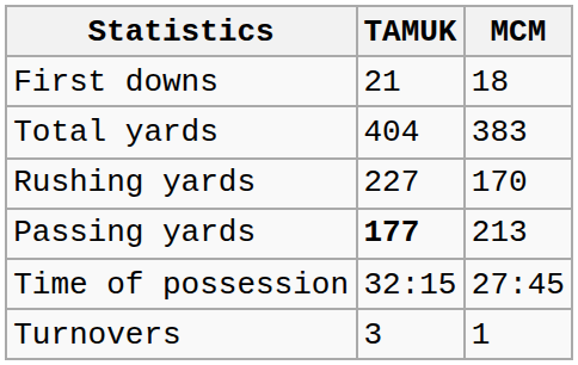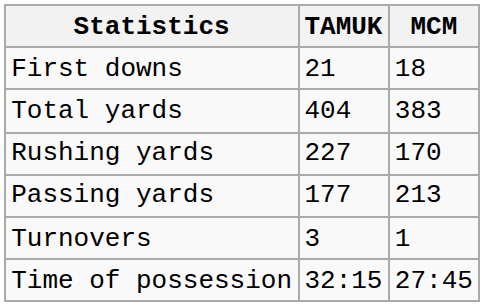 <table class="wikitable">
 <tr>
 <th>Statistics</th>
 <th>TAMUK</th>
 <th>MCM</th>
 </tr>
 <tr>
 <td>First downs</td>
 <td>21</td>
 <td>18</td>
 </tr>
 <tr>
 <td>Total yards</td>
 <td>404</td>
 <td>383</td>
 </tr>
 <tr>
 <td>Rushing yards</td>
 <td>227</td>
 <td>170</td>
 </tr>
 <tr>
 <td>Passing yards</td>
-<td><strong>177</strong></td>
+<td>177</td>
 <td>213</td>
+</tr>
+<tr>
+<td>Turnovers</td>
+<td>3</td>
+<td>1</td>
 </tr>
 <tr>
 <td>Time of possession</td>
 <td>32:15</td>
 <td>27:45</td>
 </tr>
 <tr>
-<td>Turnovers</td>
-<td>3</td>
-<td>1</td>
-</tr>
-<tr>
 </tr>
 </table>
